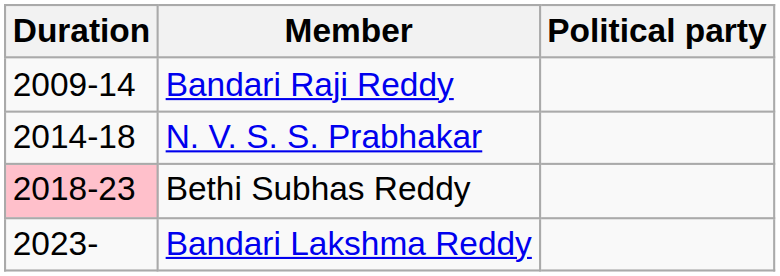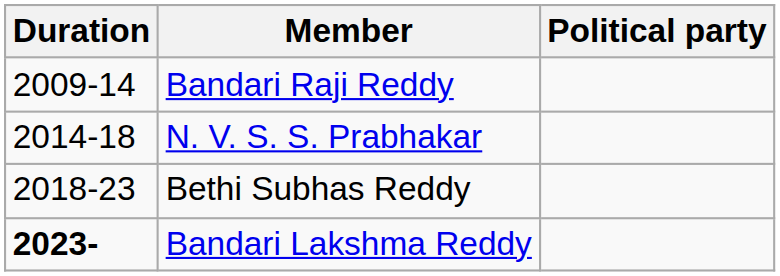 <table class="wikitable">
 <tr>
 <th>Duration</th>
 <th>Member</th>
 <th colspan="2">Political party</th>
 </tr>
 <tr>
 <td>2009-14</td>
 <td><a href='#'>Bandari Raji Reddy</a></td>
 <td></td>
 </tr>
 <tr>
 <td>2014-18</td>
 <td><a href='#'>N. V. S. S. Prabhakar</a></td>
 <td></td>
 </tr>
 <tr>
-<td style="background: pink;">2018-23</td>
+<td>2018-23</td>
 <td>Bethi Subhas Reddy</td>
 <td></td>
 </tr>
 <tr>
-<td>2023-</td>
+<td><strong>2023-</strong></td>
 <td><a href='#'>Bandari Lakshma Reddy</a></td>
 <td></td>
 </tr>
 </table>
